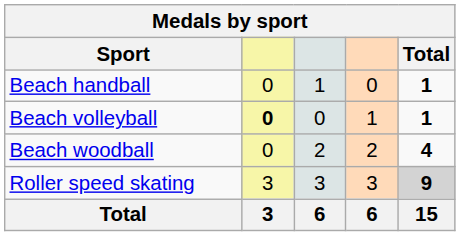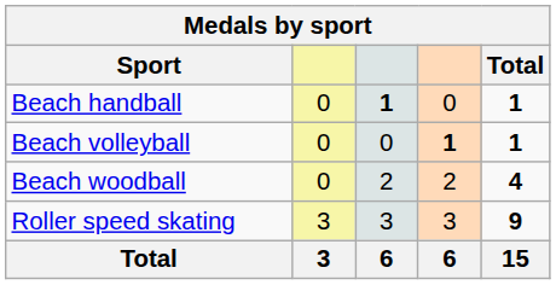 <table class="wikitable" style="font-size:90%; text-align:center;">
 <tr>
 <th colspan="5">Medals by sport</th>
 </tr>
 <tr>
 <th width="160">Sport</th>
 <th scope="col" width="30" style="background:#F7F6A8;"></th>
 <th scope="col" width="30" style="background:#DCE5E5;"></th>
 <th scope="col" width="30" style="background:#FFDAB9;"></th>
 <th width="30">Total</th>
 </tr>
 <tr>
 <td align="left"><a href='#'>Beach handball</a></td>
 <td style="background:#F7F6A8;">0</td>
-<td style="background:#DCE5E5;">1</td>
+<td style="background:#DCE5E5;"><strong>1</strong></td>
 <td style="background:#FFDAB9;">0</td>
 <td><strong>1</strong></td>
 </tr>
 <tr>
 <td align="left"><a href='#'>Beach volleyball</a></td>
-<td style="background:#F7F6A8;"><strong>0</strong></td>
+<td style="background:#F7F6A8;">0</td>
 <td style="background:#DCE5E5;">0</td>
-<td style="background:#FFDAB9;">1</td>
+<td style="background:#FFDAB9;"><strong>1</strong></td>
 <td><strong>1</strong></td>
 </tr>
 <tr>
 <td align="left"><a href='#'>Beach woodball</a></td>
 <td style="background:#F7F6A8;">0</td>
 <td style="background:#DCE5E5;">2</td>
 <td style="background:#FFDAB9;">2</td>
 <td><strong>4</strong></td>
 </tr>
 <tr>
 <td align="left"><a href='#'>Roller speed skating</a></td>
 <td style="background:#F7F6A8;">3</td>
 <td style="background:#DCE5E5;">3</td>
 <td style="background:#FFDAB9;">3</td>
-<td style="background: lightgrey;"><strong>9</strong></td>
+<td><strong>9</strong></td>
 </tr>
 <tr class="sortbottom">
 <th>Total</th>
 <th>3</th>
 <th>6</th>
 <th>6</th>
 <th>15</th>
 </tr>
 </table>
